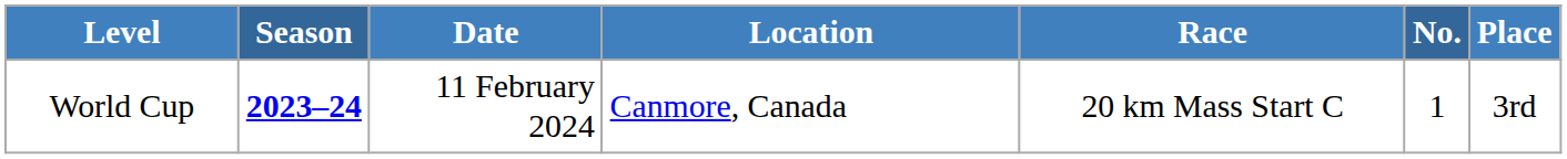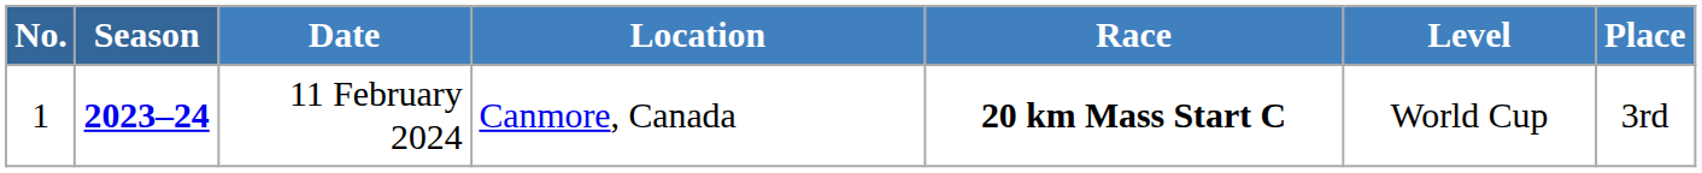 <table class="wikitable sortable" style="font-size:95%; text-align:center; border:grey solid 1px; border-collapse:collapse; background:#ffffff;">
 <tr style="background:#efefef;">
-<th style="background-color:#4180be; color:white; width:100px;">Level</th>
+<th style="background-color:#369; color:white;">No.</th>
 <th style="background-color:#369; color:white;">Season</th>
 <th style="background-color:#4180be; color:white; width:100px;">Date</th>
 <th style="background-color:#4180be; color:white; width:185px;">Location</th>
 <th style="background-color:#4180be; color:white; width:170px;">Race</th>
-<th style="background-color:#369; color:white;">No.</th>
+<th style="background-color:#4180be; color:white; width:100px;">Level</th>
 <th style="background-color:#4180be; color:white;">Place</th>
 </tr>
 <tr>
-<td>World Cup</td>
+<td align=center>1</td>
 <td rowspan="1" align="center"><strong><a href='#'>2023–24</a></strong></td>
 <td align=right>11 February 2024</td>
 <td align=left> <a href='#'>Canmore</a>, Canada</td>
-<td>20 km Mass Start C</td>
-<td align=center>1</td>
+<td><strong>20 km Mass Start C</strong></td>
+<td>World Cup</td>
 <td>3rd</td>
 </tr>
 </table>
